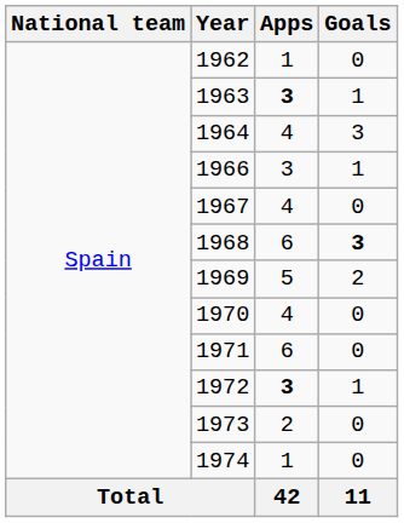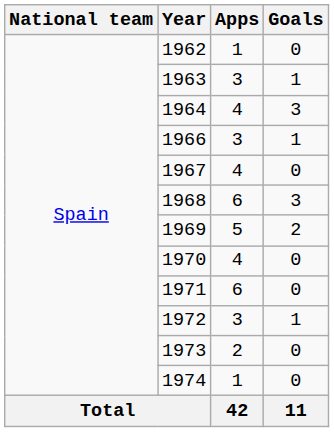 <table class=wikitable style=text-align:center>
 <tr>
 <th>National team</th>
 <th>Year</th>
 <th>Apps</th>
 <th>Goals</th>
 </tr>
 <tr>
 <td rowspan="12"><a href='#'>Spain</a></td>
 <td>1962</td>
 <td>1</td>
 <td>0</td>
 </tr>
 <tr>
 <td>1963</td>
-<td><strong>3</strong></td>
+<td>3</td>
 <td>1</td>
 </tr>
 <tr>
 <td>1964</td>
 <td>4</td>
 <td>3</td>
 </tr>
 <tr>
 <td>1966</td>
 <td>3</td>
 <td>1</td>
 </tr>
 <tr>
 <td>1967</td>
 <td>4</td>
 <td>0</td>
 </tr>
 <tr>
 <td>1968</td>
 <td>6</td>
-<td><strong>3</strong></td>
+<td>3</td>
 </tr>
 <tr>
 <td>1969</td>
 <td>5</td>
 <td>2</td>
 </tr>
 <tr>
 <td>1970</td>
 <td>4</td>
 <td>0</td>
 </tr>
 <tr>
 <td>1971</td>
 <td>6</td>
 <td>0</td>
 </tr>
 <tr>
 <td>1972</td>
-<td><strong>3</strong></td>
+<td>3</td>
 <td>1</td>
 </tr>
 <tr>
 <td>1973</td>
 <td>2</td>
 <td>0</td>
 </tr>
 <tr>
 <td>1974</td>
 <td>1</td>
 <td>0</td>
 </tr>
 <tr>
 <th colspan="2">Total</th>
 <th>42</th>
 <th>11</th>
 </tr>
 </table>
